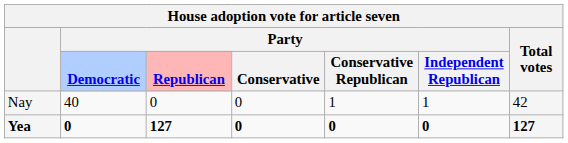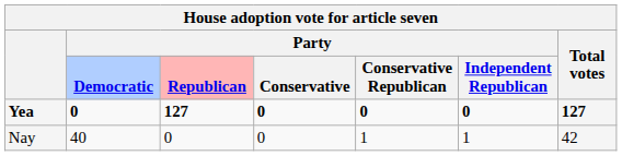 <table class="wikitable">
 <tr>
 <th colspan=7>House adoption vote for article seven</th>
 </tr>
 <tr>
 <th rowspan=2></th>
 <th colspan=5>Party</th>
 <th rowspan=2>Total votes</th>
 </tr>
 <tr style="vertical-align:bottom;">
 <th style="background:#b0ceff;"><a href='#'>Democratic</a></th>
 <th style="background:#ffb6b6;"><a href='#'>Republican</a></th>
 <th>Conservative</th>
 <th>Conservative Republican</th>
 <th><a href='#'>Independent Republican</a></th>
 </tr>
 <tr>
+<td style="width: 10em; background:#F5F5F5"><strong>Yea</strong></td>
+<td style="width: 7em;"><strong>0</strong></td>
+<td style="width: 7em;"><strong>127</strong></td>
+<td style="width: 7em;"><strong>0</strong></td>
+<td style="width: 7em;"><strong>0</strong></td>
+<td style="width: 7em;"><strong>0</strong></td>
+<td style="width: 7em; background:#F5F5F5"><strong>127</strong></td>
+</tr>
+<tr>
 <td style="background:#F5F5F5">Nay</td>
 <td>40</td>
 <td>0</td>
 <td>0</td>
 <td>1</td>
 <td>1</td>
 <td style="background:#F5F5F5">42</td>
 </tr>
-<tr>
-<td style="width: 10em; background:#F5F5F5"><strong>Yea</strong></td>
-<td style="width: 7em;"><strong>0</strong></td>
-<td style="width: 7em;"><strong>127</strong></td>
-<td style="width: 7em;"><strong>0</strong></td>
-<td style="width: 7em;"><strong>0</strong></td>
-<td style="width: 7em;"><strong>0</strong></td>
-<td style="width: 7em; background:#F5F5F5"><strong>127</strong></td>
-</tr>
 </table>
